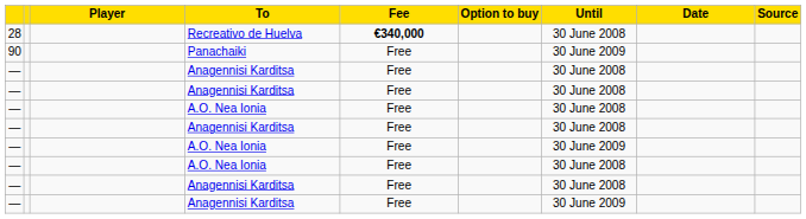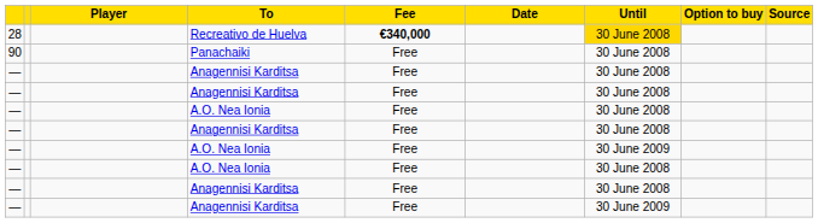 <table class="wikitable sortable">
 <tr>
 <th style="background:#FFDE00"></th>
 <th style="background:#FFDE00"></th>
 <th width=200 style="background:#FFDE00">Player</th>
 <th width=200 style="background:#FFDE00">To</th>
 <th width=150 style="background:#FFDE00">Fee</th>
+<th width=150 style="background:#FFDE00">Date</th>
+<th width=120 style="background:#FFDE00">Until</th>
 <th style="background:#FFDE00">Option to buy</th>
-<th width=120 style="background:#FFDE00">Until</th>
-<th width=150 style="background:#FFDE00">Date</th>
 <th style="background:#FFDE00">Source</th>
 </tr>
 <tr>
 <td align=center>28</td>
 <td align=center></td>
 <td></td>
 <td> <a href='#'>Recreativo de Huelva</a></td>
 <td align=center><strong>€340,000</strong></td>
 <td align=center></td>
-<td align=center>30 June 2008</td>
+<td align=center style="background: gold;">30 June 2008</td>
 <td align=center></td>
 <td align=center></td>
 </tr>
 <tr>
 <td align=center>90</td>
 <td align=center></td>
 <td></td>
 <td> <a href='#'>Panachaiki</a></td>
 <td align=center>Free</td>
 <td align=center></td>
-<td align=center>30 June 2009</td>
+<td align=center>30 June 2008</td>
 <td align=center></td>
 <td align=center></td>
 </tr>
 <tr>
 <td align=center>—</td>
 <td align=center></td>
 <td></td>
 <td> <a href='#'>Anagennisi Karditsa</a></td>
 <td align=center>Free</td>
 <td align=center></td>
 <td align=center>30 June 2008</td>
 <td align=center></td>
 <td align=center></td>
 </tr>
 <tr>
 <td align=center>—</td>
 <td align=center></td>
 <td></td>
 <td> <a href='#'>Anagennisi Karditsa</a></td>
 <td align=center>Free</td>
 <td align=center></td>
 <td align=center>30 June 2008</td>
 <td align=center></td>
 <td align=center></td>
 </tr>
 <tr>
 <td align=center>—</td>
 <td align=center></td>
 <td></td>
 <td> <a href='#'>A.O. Nea Ionia</a></td>
 <td align=center>Free</td>
 <td align=center></td>
 <td align=center>30 June 2008</td>
 <td align=center></td>
 <td align=center></td>
 </tr>
 <tr>
 <td align=center>—</td>
 <td align=center></td>
 <td></td>
 <td> <a href='#'>Anagennisi Karditsa</a></td>
 <td align=center>Free</td>
 <td align=center></td>
 <td align=center>30 June 2008</td>
 <td align=center></td>
 <td align=center></td>
 </tr>
 <tr>
 <td align=center>—</td>
 <td align=center></td>
 <td></td>
 <td> <a href='#'>A.O. Nea Ionia</a></td>
 <td align=center>Free</td>
 <td align=center></td>
 <td align=center>30 June 2009</td>
 <td align=center></td>
 <td align=center></td>
 </tr>
 <tr>
 <td align=center>—</td>
 <td align=center></td>
 <td></td>
 <td> <a href='#'>A.O. Nea Ionia</a></td>
 <td align=center>Free</td>
 <td align=center></td>
 <td align=center>30 June 2008</td>
 <td align=center></td>
 <td align=center></td>
 </tr>
 <tr>
 <td align=center>—</td>
 <td align=center></td>
 <td></td>
 <td> <a href='#'>Anagennisi Karditsa</a></td>
 <td align=center>Free</td>
 <td align=center></td>
 <td align=center>30 June 2008</td>
 <td align=center></td>
 <td align=center></td>
 </tr>
 <tr>
 <td align=center>—</td>
 <td align=center></td>
 <td></td>
 <td> <a href='#'>Anagennisi Karditsa</a></td>
 <td align=center>Free</td>
 <td align=center></td>
 <td align=center>30 June 2009</td>
 <td align=center></td>
 <td align=center></td>
 </tr>
 </table>
